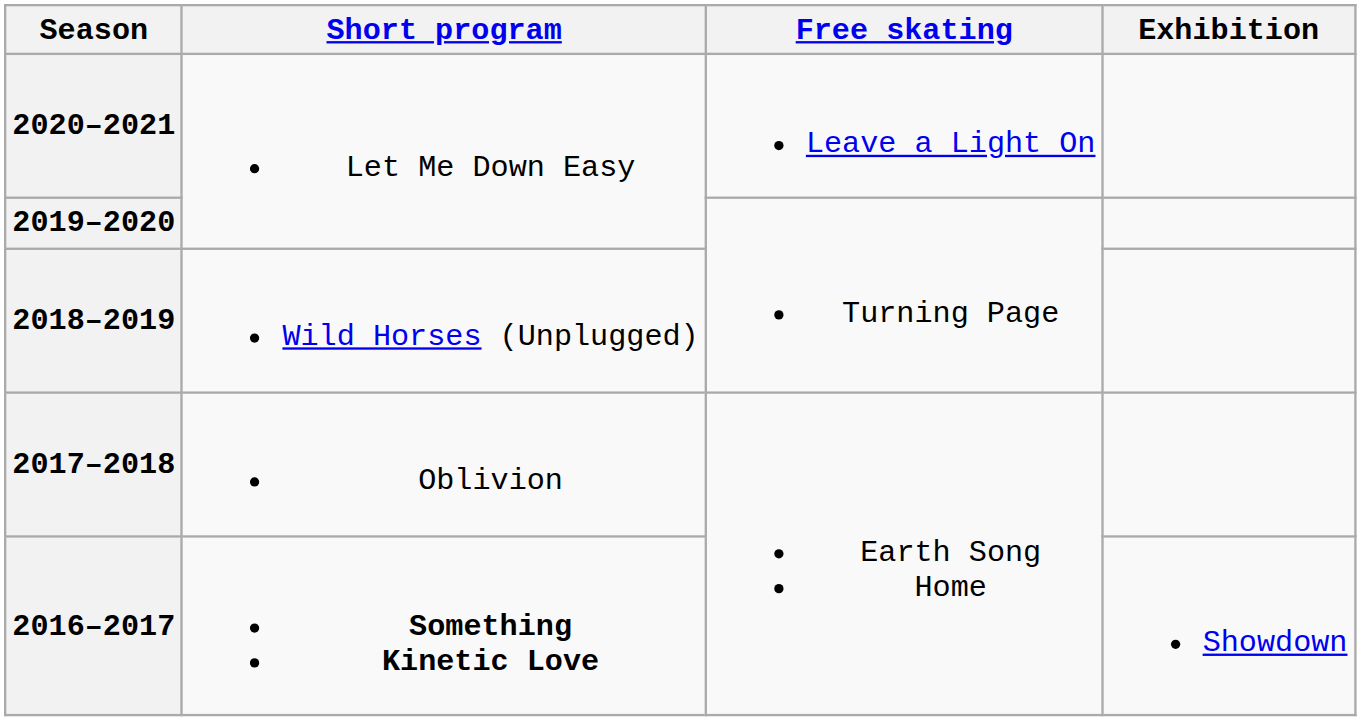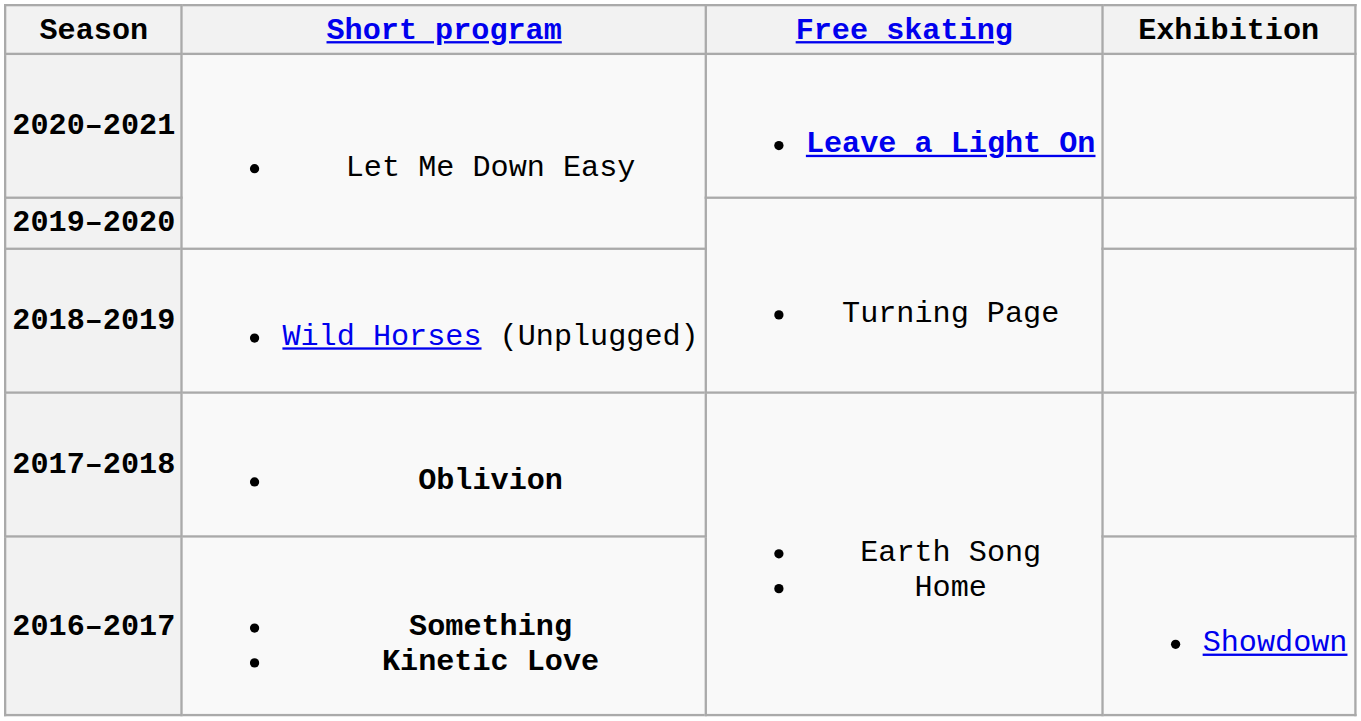 <table class=wikitable style=text-align:center>
 <tr>
 <th>Season</th>
 <th><a href='#'>Short program</a></th>
 <th><a href='#'>Free skating</a></th>
 <th>Exhibition</th>
 </tr>
 <tr>
 <th>2020–2021</th>
 <td rowspan=2><br><ul><li>Let Me Down Easy <br></li></ul></td>
-<td><br><ul><li><a href='#'>Leave a Light On</a> <br></li></ul></td>
+<td><strong><br><ul><li><a href='#'>Leave a Light On</a> <br></li></ul></strong></td>
 <td></td>
 </tr>
 <tr>
 <th>2019–2020 <br> </th>
 <td rowspan=2><br><ul><li>Turning Page <br></li></ul></td>
 <td></td>
 </tr>
 <tr>
 <th>2018–2019 <br> </th>
 <td><br><ul><li><a href='#'>Wild Horses</a> (Unplugged) <br></li></ul></td>
 <td></td>
 </tr>
 <tr>
 <th>2017–2018 <br> </th>
-<td><br><ul><li>Oblivion <br></li></ul></td>
+<td><strong><br><ul><li>Oblivion <br></li></ul></strong></td>
 <td rowspan=2><br><ul><li>Earth Song <br></li><li>Home <br></li></ul></td>
 <td></td>
 </tr>
 <tr>
 <th>2016–2017 <br> </th>
 <td><strong><br><ul><li>Something <br></li><li>Kinetic Love <br></li></ul></strong></td>
 <td><br><ul><li><a href='#'>Showdown</a> <br></li></ul></td>
 </tr>
 </table>
